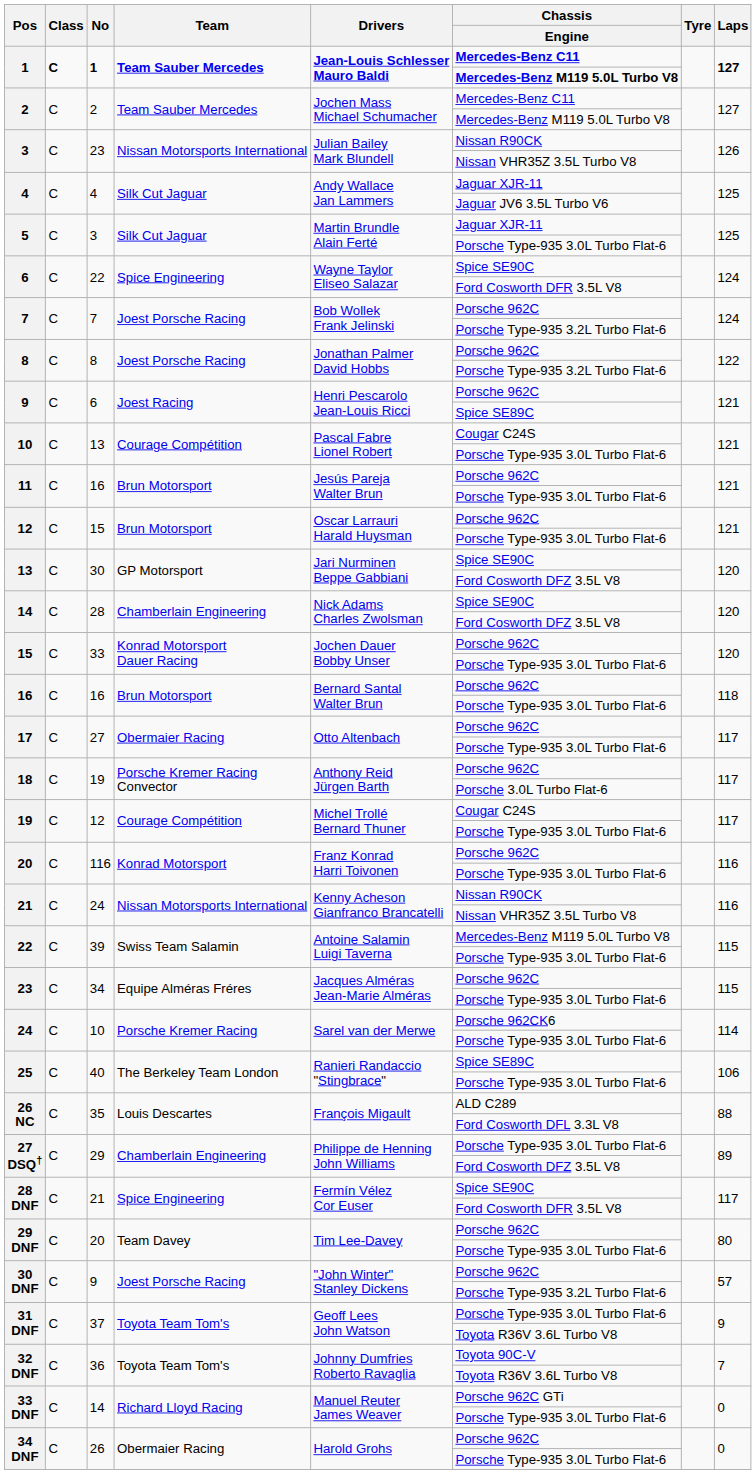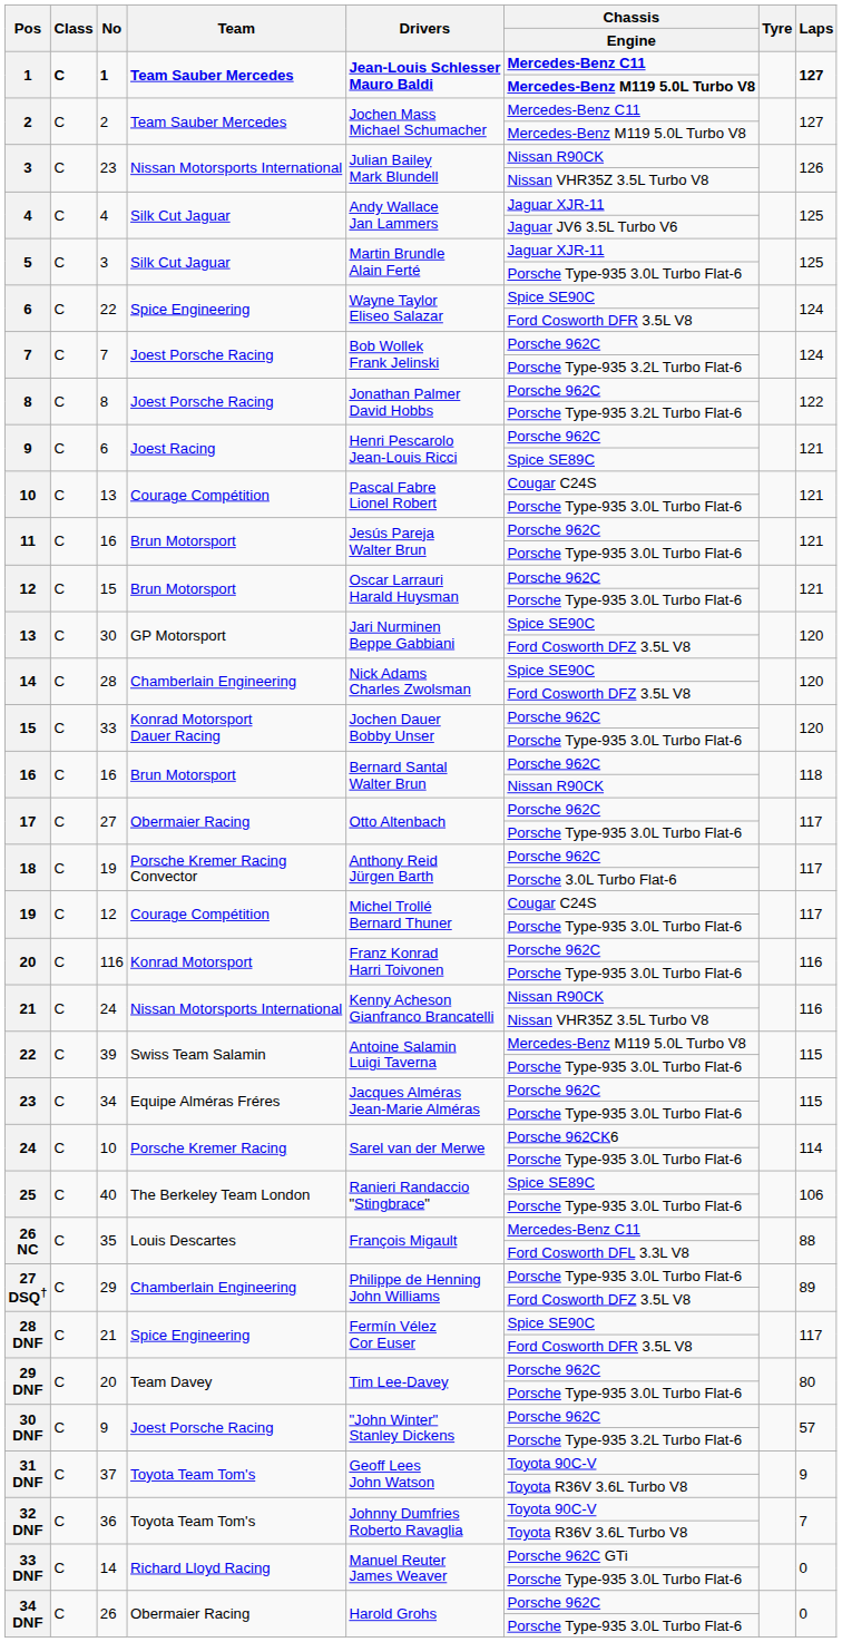 <table class="wikitable" style="font-size: 95%;">
 <tr>
 <th rowspan=2>Pos</th>
 <th rowspan=2>Class</th>
 <th rowspan=2>No</th>
 <th rowspan=2>Team</th>
 <th rowspan=2>Drivers</th>
 <th>Chassis</th>
 <th rowspan=2>Tyre</th>
 <th rowspan=2>Laps</th>
 </tr>
 <tr>
 <th>Engine</th>
 </tr>
 <tr style="font-weight:bold">
 <th rowspan=2>1</th>
 <td rowspan=2>C</td>
 <td rowspan=2>1</td>
 <td rowspan=2> <a href='#'>Team Sauber Mercedes</a></td>
 <td rowspan=2> <a href='#'>Jean-Louis Schlesser</a><br> <a href='#'>Mauro Baldi</a></td>
 <td><a href='#'>Mercedes-Benz C11</a></td>
 <td rowspan=2></td>
 <td rowspan=2>127</td>
 </tr>
 <tr style="font-weight:bold">
 <td><a href='#'>Mercedes-Benz</a> M119 5.0L Turbo V8</td>
 </tr>
 <tr>
 <th rowspan=2>2</th>
 <td rowspan=2>C</td>
 <td rowspan=2>2</td>
 <td rowspan=2> <a href='#'>Team Sauber Mercedes</a></td>
 <td rowspan=2> <a href='#'>Jochen Mass</a><br> <a href='#'>Michael Schumacher</a></td>
 <td><a href='#'>Mercedes-Benz C11</a></td>
 <td rowspan=2></td>
 <td rowspan=2>127</td>
 </tr>
 <tr>
 <td><a href='#'>Mercedes-Benz</a> M119 5.0L Turbo V8</td>
 </tr>
 <tr>
 <th rowspan=2>3</th>
 <td rowspan=2>C</td>
 <td rowspan=2>23</td>
 <td rowspan=2> <a href='#'>Nissan Motorsports International</a></td>
 <td rowspan=2> <a href='#'>Julian Bailey</a><br> <a href='#'>Mark Blundell</a></td>
 <td><a href='#'>Nissan R90CK</a></td>
 <td rowspan=2></td>
 <td rowspan=2>126</td>
 </tr>
 <tr>
 <td><a href='#'>Nissan</a> VHR35Z 3.5L Turbo V8</td>
 </tr>
 <tr>
 <th rowspan=2>4</th>
 <td rowspan=2>C</td>
 <td rowspan=2>4</td>
 <td rowspan=2> <a href='#'>Silk Cut Jaguar</a></td>
 <td rowspan=2> <a href='#'>Andy Wallace</a><br> <a href='#'>Jan Lammers</a></td>
 <td><a href='#'>Jaguar XJR-11</a></td>
 <td rowspan=2></td>
 <td rowspan=2>125</td>
 </tr>
 <tr>
 <td><a href='#'>Jaguar</a> JV6 3.5L Turbo V6</td>
 </tr>
 <tr>
 <th rowspan=2>5</th>
 <td rowspan=2>C</td>
 <td rowspan=2>3</td>
 <td rowspan=2> <a href='#'>Silk Cut Jaguar</a></td>
 <td rowspan=2> <a href='#'>Martin Brundle</a><br> <a href='#'>Alain Ferté</a></td>
 <td><a href='#'>Jaguar XJR-11</a></td>
 <td rowspan=2></td>
 <td rowspan=2>125</td>
 </tr>
 <tr>
 <td><a href='#'>Porsche</a> Type-935 3.0L Turbo Flat-6</td>
 </tr>
 <tr>
 <th rowspan=2>6</th>
 <td rowspan=2>C</td>
 <td rowspan=2>22</td>
 <td rowspan=2> <a href='#'>Spice Engineering</a></td>
 <td rowspan=2> <a href='#'>Wayne Taylor</a><br> <a href='#'>Eliseo Salazar</a></td>
 <td><a href='#'>Spice SE90C</a></td>
 <td rowspan=2></td>
 <td rowspan=2>124</td>
 </tr>
 <tr>
 <td><a href='#'>Ford Cosworth DFR</a> 3.5L V8</td>
 </tr>
 <tr>
 <th rowspan=2>7</th>
 <td rowspan=2>C</td>
 <td rowspan=2>7</td>
 <td rowspan=2> <a href='#'>Joest Porsche Racing</a></td>
 <td rowspan=2> <a href='#'>Bob Wollek</a><br> <a href='#'>Frank Jelinski</a></td>
 <td><a href='#'>Porsche 962C</a></td>
 <td rowspan=2></td>
 <td rowspan=2>124</td>
 </tr>
 <tr>
 <td><a href='#'>Porsche</a> Type-935 3.2L Turbo Flat-6</td>
 </tr>
 <tr>
 <th rowspan=2>8</th>
 <td rowspan=2>C</td>
 <td rowspan=2>8</td>
 <td rowspan=2> <a href='#'>Joest Porsche Racing</a></td>
 <td rowspan=2> <a href='#'>Jonathan Palmer</a><br> <a href='#'>David Hobbs</a></td>
 <td><a href='#'>Porsche 962C</a></td>
 <td rowspan=2></td>
 <td rowspan=2>122</td>
 </tr>
 <tr>
 <td><a href='#'>Porsche</a> Type-935 3.2L Turbo Flat-6</td>
 </tr>
 <tr>
 <th rowspan=2>9</th>
 <td rowspan=2>C</td>
 <td rowspan=2>6</td>
 <td rowspan=2> <a href='#'>Joest Racing</a></td>
 <td rowspan=2> <a href='#'>Henri Pescarolo</a><br> <a href='#'>Jean-Louis Ricci</a></td>
 <td><a href='#'>Porsche 962C</a></td>
 <td rowspan=2></td>
 <td rowspan=2>121</td>
 </tr>
 <tr>
 <td><a href='#'>Spice SE89C</a></td>
 </tr>
 <tr>
 <th rowspan=2>10</th>
 <td rowspan=2>C</td>
 <td rowspan=2>13</td>
 <td rowspan=2> <a href='#'>Courage Compétition</a></td>
 <td rowspan=2> <a href='#'>Pascal Fabre</a><br> <a href='#'>Lionel Robert</a></td>
 <td><a href='#'>Cougar</a> C24S</td>
 <td rowspan=2></td>
 <td rowspan=2>121</td>
 </tr>
 <tr>
 <td><a href='#'>Porsche</a> Type-935 3.0L Turbo Flat-6</td>
 </tr>
 <tr>
 <th rowspan=2>11</th>
 <td rowspan=2>C</td>
 <td rowspan=2>16</td>
 <td rowspan=2> <a href='#'>Brun Motorsport</a></td>
 <td rowspan=2> <a href='#'>Jesús Pareja</a><br> <a href='#'>Walter Brun</a></td>
 <td><a href='#'>Porsche 962C</a></td>
 <td rowspan=2></td>
 <td rowspan=2>121</td>
 </tr>
 <tr>
 <td><a href='#'>Porsche</a> Type-935 3.0L Turbo Flat-6</td>
 </tr>
 <tr>
 <th rowspan=2>12</th>
 <td rowspan=2>C</td>
 <td rowspan=2>15</td>
 <td rowspan=2> <a href='#'>Brun Motorsport</a></td>
 <td rowspan=2> <a href='#'>Oscar Larrauri</a><br> <a href='#'>Harald Huysman</a></td>
 <td><a href='#'>Porsche 962C</a></td>
 <td rowspan=2></td>
 <td rowspan=2>121</td>
 </tr>
 <tr>
 <td><a href='#'>Porsche</a> Type-935 3.0L Turbo Flat-6</td>
 </tr>
 <tr>
 <th rowspan=2>13</th>
 <td rowspan=2>C</td>
 <td rowspan=2>30</td>
 <td rowspan=2> GP Motorsport</td>
 <td rowspan=2> <a href='#'>Jari Nurminen</a><br> <a href='#'>Beppe Gabbiani</a></td>
 <td><a href='#'>Spice SE90C</a></td>
 <td rowspan=2></td>
 <td rowspan=2>120</td>
 </tr>
 <tr>
 <td><a href='#'>Ford Cosworth DFZ</a> 3.5L V8</td>
 </tr>
 <tr>
 <th rowspan=2>14</th>
 <td rowspan=2>C</td>
 <td rowspan=2>28</td>
 <td rowspan=2> <a href='#'>Chamberlain Engineering</a></td>
 <td rowspan=2> <a href='#'>Nick Adams</a><br> <a href='#'>Charles Zwolsman</a></td>
 <td><a href='#'>Spice SE90C</a></td>
 <td rowspan=2></td>
 <td rowspan=2>120</td>
 </tr>
 <tr>
 <td><a href='#'>Ford Cosworth DFZ</a> 3.5L V8</td>
 </tr>
 <tr>
 <th rowspan=2>15</th>
 <td rowspan=2>C</td>
 <td rowspan=2>33</td>
 <td rowspan=2> <a href='#'>Konrad Motorsport</a><br> <a href='#'>Dauer Racing</a></td>
 <td rowspan=2> <a href='#'>Jochen Dauer</a><br> <a href='#'>Bobby Unser</a></td>
 <td><a href='#'>Porsche 962C</a></td>
 <td rowspan=2></td>
 <td rowspan=2>120</td>
 </tr>
 <tr>
 <td><a href='#'>Porsche</a> Type-935 3.0L Turbo Flat-6</td>
 </tr>
 <tr>
 <th rowspan=2>16</th>
 <td rowspan=2>C</td>
 <td rowspan=2>16</td>
 <td rowspan=2> <a href='#'>Brun Motorsport</a></td>
 <td rowspan=2> <a href='#'>Bernard Santal</a><br> <a href='#'>Walter Brun</a></td>
 <td><a href='#'>Porsche 962C</a></td>
 <td rowspan=2></td>
 <td rowspan=2>118</td>
 </tr>
 <tr>
-<td><a href='#'>Porsche</a> Type-935 3.0L Turbo Flat-6</td>
+<td><a href='#'>Nissan R90CK</a></td>
 </tr>
 <tr>
 <th rowspan=2>17</th>
 <td rowspan=2>C</td>
 <td rowspan=2>27</td>
 <td rowspan=2> <a href='#'>Obermaier Racing</a></td>
 <td rowspan=2> <a href='#'>Otto Altenbach</a></td>
 <td><a href='#'>Porsche 962C</a></td>
 <td rowspan=2></td>
 <td rowspan=2>117</td>
 </tr>
 <tr>
 <td><a href='#'>Porsche</a> Type-935 3.0L Turbo Flat-6</td>
 </tr>
 <tr>
 <th rowspan=2>18</th>
 <td rowspan=2>C</td>
 <td rowspan=2>19</td>
 <td rowspan=2> <a href='#'>Porsche Kremer Racing</a><br> Convector</td>
 <td rowspan=2> <a href='#'>Anthony Reid</a><br> <a href='#'>Jürgen Barth</a></td>
 <td><a href='#'>Porsche 962C</a></td>
 <td rowspan=2></td>
 <td rowspan=2>117</td>
 </tr>
 <tr>
 <td><a href='#'>Porsche</a> 3.0L Turbo Flat-6</td>
 </tr>
 <tr>
 <th rowspan=2>19</th>
 <td rowspan=2>C</td>
 <td rowspan=2>12</td>
 <td rowspan=2> <a href='#'>Courage Compétition</a></td>
 <td rowspan=2> <a href='#'>Michel Trollé</a><br> <a href='#'>Bernard Thuner</a></td>
 <td><a href='#'>Cougar</a> C24S</td>
 <td rowspan=2></td>
 <td rowspan=2>117</td>
 </tr>
 <tr>
 <td><a href='#'>Porsche</a> Type-935 3.0L Turbo Flat-6</td>
 </tr>
 <tr>
 <th rowspan=2>20</th>
 <td rowspan=2>C</td>
 <td rowspan=2>116</td>
 <td rowspan=2> <a href='#'>Konrad Motorsport</a></td>
 <td rowspan=2> <a href='#'>Franz Konrad</a><br> <a href='#'>Harri Toivonen</a></td>
 <td><a href='#'>Porsche 962C</a></td>
 <td rowspan=2></td>
 <td rowspan=2>116</td>
 </tr>
 <tr>
 <td><a href='#'>Porsche</a> Type-935 3.0L Turbo Flat-6</td>
 </tr>
 <tr>
 <th rowspan=2>21</th>
 <td rowspan=2>C</td>
 <td rowspan=2>24</td>
 <td rowspan=2> <a href='#'>Nissan Motorsports International</a></td>
 <td rowspan=2> <a href='#'>Kenny Acheson</a><br> <a href='#'>Gianfranco Brancatelli</a></td>
 <td><a href='#'>Nissan R90CK</a></td>
 <td rowspan=2></td>
 <td rowspan=2>116</td>
 </tr>
 <tr>
 <td><a href='#'>Nissan</a> VHR35Z 3.5L Turbo V8</td>
 </tr>
 <tr>
 <th rowspan=2>22</th>
 <td rowspan=2>C</td>
 <td rowspan=2>39</td>
 <td rowspan=2> Swiss Team Salamin</td>
 <td rowspan=2> <a href='#'>Antoine Salamin</a><br> <a href='#'>Luigi Taverna</a></td>
 <td><a href='#'>Mercedes-Benz</a> M119 5.0L Turbo V8</td>
 <td rowspan=2></td>
 <td rowspan=2>115</td>
 </tr>
 <tr>
 <td><a href='#'>Porsche</a> Type-935 3.0L Turbo Flat-6</td>
 </tr>
 <tr>
 <th rowspan=2>23</th>
 <td rowspan=2>C</td>
 <td rowspan=2>34</td>
 <td rowspan=2> Equipe Alméras Fréres</td>
 <td rowspan=2> <a href='#'>Jacques Alméras</a><br> <a href='#'>Jean-Marie Alméras</a></td>
 <td><a href='#'>Porsche 962C</a></td>
 <td rowspan=2></td>
 <td rowspan=2>115</td>
 </tr>
 <tr>
 <td><a href='#'>Porsche</a> Type-935 3.0L Turbo Flat-6</td>
 </tr>
 <tr>
 <th rowspan=2>24</th>
 <td rowspan=2>C</td>
 <td rowspan=2>10</td>
 <td rowspan=2> <a href='#'>Porsche Kremer Racing</a></td>
 <td rowspan=2> <a href='#'>Sarel van der Merwe</a></td>
 <td><a href='#'>Porsche 962CK</a>6</td>
 <td rowspan=2></td>
 <td rowspan=2>114</td>
 </tr>
 <tr>
 <td><a href='#'>Porsche</a> Type-935 3.0L Turbo Flat-6</td>
 </tr>
 <tr>
 <th rowspan=2>25</th>
 <td rowspan=2>C</td>
 <td rowspan=2>40</td>
 <td rowspan=2> The Berkeley Team London</td>
 <td rowspan=2> <a href='#'>Ranieri Randaccio</a><br> "<a href='#'>Stingbrace</a>"</td>
 <td><a href='#'>Spice SE89C</a></td>
 <td rowspan=2></td>
 <td rowspan=2>106</td>
 </tr>
 <tr>
 <td><a href='#'>Porsche</a> Type-935 3.0L Turbo Flat-6</td>
 </tr>
 <tr>
 <th rowspan=2>26<br>NC</th>
 <td rowspan=2>C</td>
 <td rowspan=2>35</td>
 <td rowspan=2> Louis Descartes</td>
 <td rowspan=2> <a href='#'>François Migault</a></td>
-<td>ALD C289</td>
+<td><a href='#'>Mercedes-Benz C11</a></td>
 <td rowspan=2></td>
 <td rowspan=2>88</td>
 </tr>
 <tr>
 <td><a href='#'>Ford Cosworth DFL</a> 3.3L V8</td>
 </tr>
 <tr>
 <th rowspan=2>27<br>DSQ<sup>†</sup></th>
 <td rowspan=2>C</td>
 <td rowspan=2>29</td>
 <td rowspan=2> <a href='#'>Chamberlain Engineering</a></td>
 <td rowspan=2> <a href='#'>Philippe de Henning</a><br> <a href='#'>John Williams</a></td>
 <td><a href='#'>Porsche</a> Type-935 3.0L Turbo Flat-6</td>
 <td rowspan=2></td>
 <td rowspan=2>89</td>
 </tr>
 <tr>
 <td><a href='#'>Ford Cosworth DFZ</a> 3.5L V8</td>
 </tr>
 <tr>
 <th rowspan=2>28<br>DNF</th>
 <td rowspan=2>C</td>
 <td rowspan=2>21</td>
 <td rowspan=2> <a href='#'>Spice Engineering</a></td>
 <td rowspan=2> <a href='#'>Fermín Vélez</a><br> <a href='#'>Cor Euser</a></td>
 <td><a href='#'>Spice SE90C</a></td>
 <td rowspan=2></td>
 <td rowspan=2>117</td>
 </tr>
 <tr>
 <td><a href='#'>Ford Cosworth DFR</a> 3.5L V8</td>
 </tr>
 <tr>
 <th rowspan=2>29<br>DNF</th>
 <td rowspan=2>C</td>
 <td rowspan=2>20</td>
 <td rowspan=2> Team Davey</td>
 <td rowspan=2> <a href='#'>Tim Lee-Davey</a></td>
 <td><a href='#'>Porsche 962C</a></td>
 <td rowspan=2></td>
 <td rowspan=2>80</td>
 </tr>
 <tr>
 <td><a href='#'>Porsche</a> Type-935 3.0L Turbo Flat-6</td>
 </tr>
 <tr>
 <th rowspan=2>30<br>DNF</th>
 <td rowspan=2>C</td>
 <td rowspan=2>9</td>
 <td rowspan=2> <a href='#'>Joest Porsche Racing</a></td>
 <td rowspan=2> <a href='#'>"John Winter"</a><br> <a href='#'>Stanley Dickens</a></td>
 <td><a href='#'>Porsche 962C</a></td>
 <td rowspan=2></td>
 <td rowspan=2>57</td>
 </tr>
 <tr>
 <td><a href='#'>Porsche</a> Type-935 3.2L Turbo Flat-6</td>
 </tr>
 <tr>
 <th rowspan=2>31<br>DNF</th>
 <td rowspan=2>C</td>
 <td rowspan=2>37</td>
 <td rowspan=2> <a href='#'>Toyota Team Tom's</a></td>
 <td rowspan=2> <a href='#'>Geoff Lees</a><br> <a href='#'>John Watson</a></td>
-<td><a href='#'>Porsche</a> Type-935 3.0L Turbo Flat-6</td>
+<td><a href='#'>Toyota 90C-V</a></td>
 <td rowspan=2></td>
 <td rowspan=2>9</td>
 </tr>
 <tr>
 <td><a href='#'>Toyota</a> R36V 3.6L Turbo V8</td>
 </tr>
 <tr>
 <th rowspan=2>32<br>DNF</th>
 <td rowspan=2>C</td>
 <td rowspan=2>36</td>
 <td rowspan=2> Toyota Team Tom's</td>
 <td rowspan=2> <a href='#'>Johnny Dumfries</a><br> <a href='#'>Roberto Ravaglia</a></td>
 <td><a href='#'>Toyota 90C-V</a></td>
 <td rowspan=2></td>
 <td rowspan=2>7</td>
 </tr>
 <tr>
 <td><a href='#'>Toyota</a> R36V 3.6L Turbo V8</td>
 </tr>
 <tr>
 <th rowspan=2>33<br>DNF</th>
 <td rowspan=2>C</td>
 <td rowspan=2>14</td>
 <td rowspan=2> <a href='#'>Richard Lloyd Racing</a></td>
 <td rowspan=2> <a href='#'>Manuel Reuter</a><br> <a href='#'>James Weaver</a></td>
 <td><a href='#'>Porsche 962C</a> GTi</td>
 <td rowspan=2></td>
 <td rowspan=2>0</td>
 </tr>
 <tr>
 <td><a href='#'>Porsche</a> Type-935 3.0L Turbo Flat-6</td>
 </tr>
 <tr>
 <th rowspan=2>34<br>DNF</th>
 <td rowspan=2>C</td>
 <td rowspan=2>26</td>
 <td rowspan=2> Obermaier Racing</td>
 <td rowspan=2> <a href='#'>Harold Grohs</a></td>
 <td><a href='#'>Porsche 962C</a></td>
 <td rowspan=2></td>
 <td rowspan=2>0</td>
 </tr>
 <tr>
 <td><a href='#'>Porsche</a> Type-935 3.0L Turbo Flat-6</td>
 </tr>
 </table>
